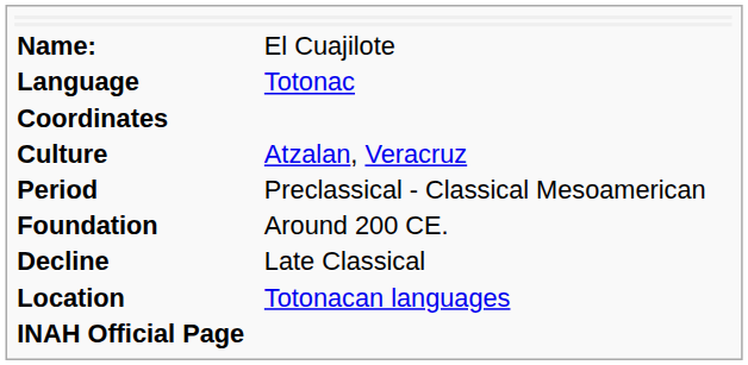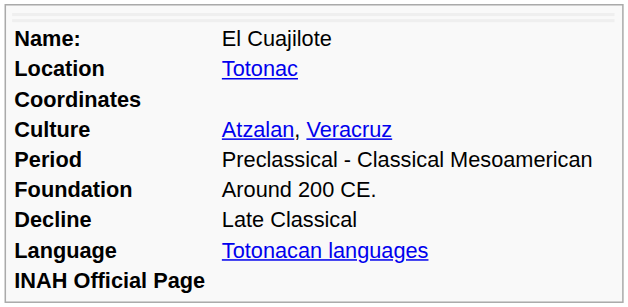 <table class="infobox" style="font-size:90%; text-align:left; width:28.5em">
 <tr>
 <td style="background:#efefef;" align="center" colspan="2"></td>
 </tr>
 <tr>
 <td style="background:#efefef;" align="center" colspan="2"></td>
 </tr>
 <tr>
 <td><strong>Name:</strong></td>
 <td>El Cuajilote</td>
 </tr>
 <tr>
-<td><strong>Language</strong></td>
+<td><strong>Location</strong></td>
 <td><a href='#'>Totonac</a></td>
 </tr>
 <tr>
 <td><strong>Coordinates</strong></td>
 <td></td>
 </tr>
 <tr>
 <td><strong>Culture</strong></td>
 <td><a href='#'>Atzalan</a>, <a href='#'>Veracruz</a> <br></td>
 </tr>
 <tr>
 <td><strong>Period</strong></td>
 <td>Preclassical - Classical Mesoamerican</td>
 </tr>
 <tr>
 <td><strong>Foundation</strong></td>
 <td>Around 200 CE.</td>
 </tr>
 <tr>
 <td><strong>Decline</strong></td>
 <td>Late Classical</td>
 </tr>
 <tr>
-<td><strong>Location</strong></td>
+<td><strong>Language</strong></td>
 <td><a href='#'>Totonacan languages</a></td>
 </tr>
 <tr>
 <td><strong>INAH Official Page</strong></td>
 <td></td>
 </tr>
 </table>
